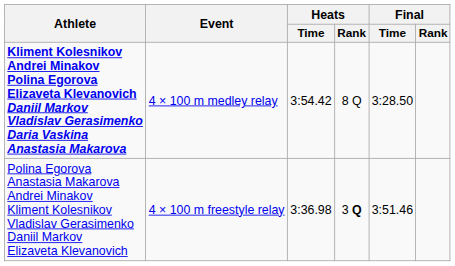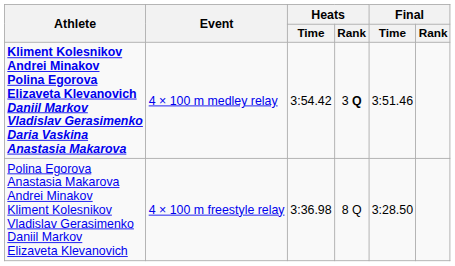 <table class=wikitable style="text-align:center;font-size:90%">
 <tr>
 <th rowspan=2>Athlete</th>
 <th rowspan=2>Event</th>
 <th colspan=2>Heats</th>
 <th colspan=2>Final</th>
 </tr>
 <tr style="font-size:95%">
 <th>Time</th>
 <th>Rank</th>
 <th>Time</th>
 <th>Rank</th>
 </tr>
 <tr>
 <td align=left><strong><a href='#'>Kliment Kolesnikov</a><br><a href='#'>Andrei Minakov</a><br><a href='#'>Polina Egorova</a><br><a href='#'>Elizaveta Klevanovich</a><br><em><a href='#'>Daniil Markov</a><br><a href='#'>Vladislav Gerasimenko</a><br><a href='#'>Daria Vaskina</a><br><a href='#'>Anastasia Makarova</a><strong><em></td>
 <td align=left><a href='#'>4 × 100 m medley relay</a></td>
 <td>3:54.42</td>
-<td>8 </strong>Q<strong></td>
-<td>3:28.50</td>
+<td>3 <strong>Q</strong></td>
+<td>3:51.46</td>
 <td></td>
 </tr>
 <tr>
 <td align=left></strong><a href='#'>Polina Egorova</a><br><a href='#'>Anastasia Makarova</a><br><a href='#'>Andrei Minakov</a><br><a href='#'>Kliment Kolesnikov</a><br></em><a href='#'>Vladislav Gerasimenko</a><br><a href='#'>Daniil Markov</a><br><a href='#'>Elizaveta Klevanovich</a></em></strong></td>
 <td align=left><a href='#'>4 × 100 m freestyle relay</a></td>
 <td>3:36.98</td>
-<td>3 <strong>Q</strong></td>
-<td>3:51.46</td>
+<td>8 </strong>Q<strong></td>
+<td>3:28.50</td>
 <td></td>
 </tr>
 </table>
